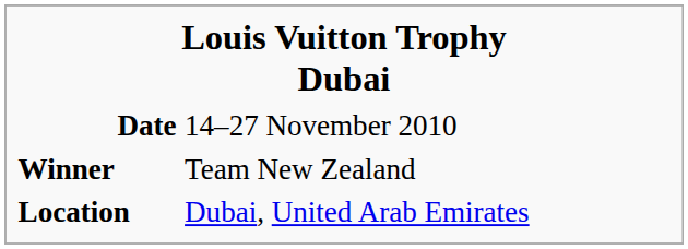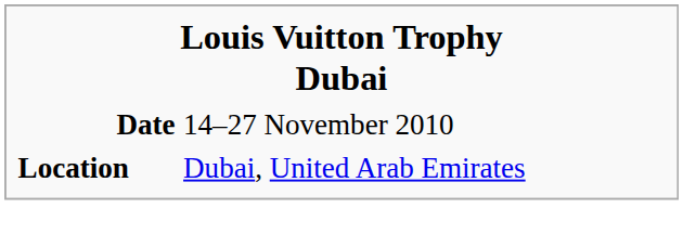 <table class="infobox" style="width: 23em; font-size: 90%">
 <tr>
 <th colspan="2" style="text-align: center; font-size: larger;"><strong>Louis Vuitton Trophy</strong><br><strong>Dubai</strong></th>
 </tr>
 <tr>
 <td style="text-align: right;"><strong>Date</strong></td>
 <td>14–27 November 2010</td>
 </tr>
 <tr>
-<td><strong>Winner</strong></td>
-<td> Team New Zealand</td>
-</tr>
-<tr>
 <td><strong>Location</strong></td>
 <td><a href='#'>Dubai</a>, <a href='#'>United Arab Emirates</a></td>
 </tr>
 </table>
